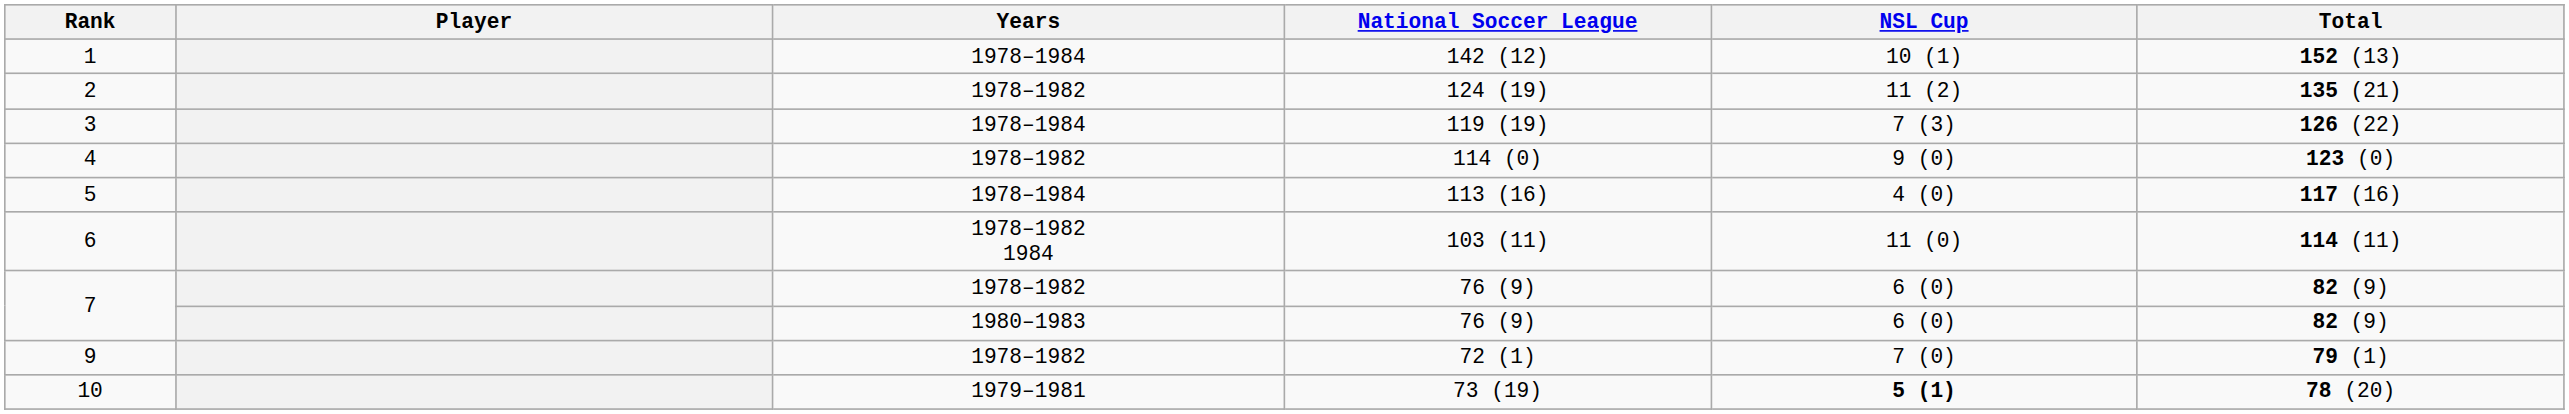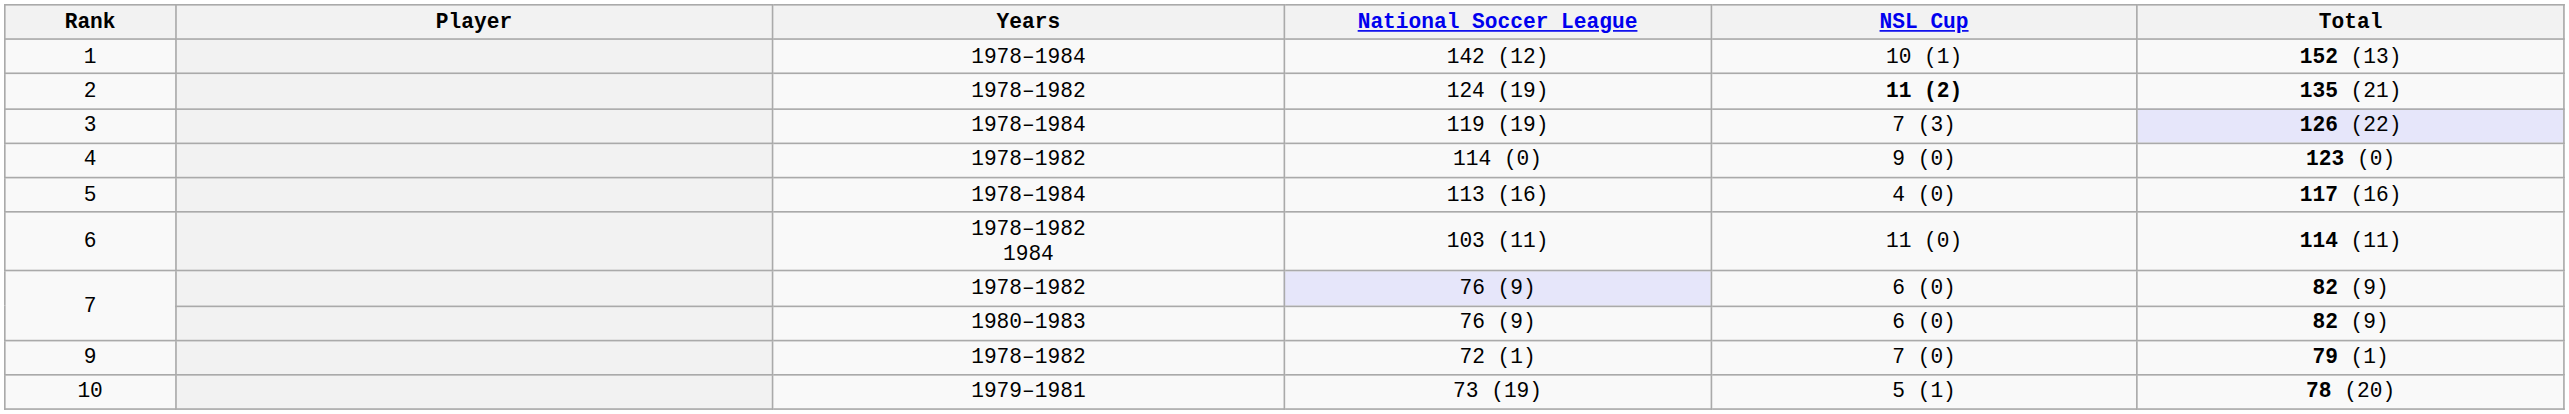 <table class="sortable wikitable plainrowheaders" style="text-align: center;">
 <tr>
 <th scope="col" style="width:4%;">Rank</th>
 <th scope="col" style="width:14%;">Player</th>
 <th scope="col" style="width:12%;">Years</th>
 <th scope="col" style="width:10%;"><a href='#'>National Soccer League</a></th>
 <th scope="col" style="width:10%;"><a href='#'>NSL Cup</a></th>
 <th scope="col" style="width:10%;">Total</th>
 </tr>
 <tr>
 <td>1</td>
 <th scope="row"> </th>
 <td>1978–1984</td>
 <td>142 (12)</td>
 <td>10 (1)</td>
 <td><strong>152</strong> (13)</td>
 </tr>
 <tr>
 <td>2</td>
 <th scope="row"> </th>
 <td>1978–1982</td>
 <td>124 (19)</td>
-<td>11 (2)</td>
+<td><strong>11 (2)</strong></td>
 <td><strong>135</strong> (21)</td>
 </tr>
 <tr>
 <td>3</td>
 <th scope="row"> </th>
 <td>1978–1984</td>
 <td>119 (19)</td>
 <td>7 (3)</td>
-<td><strong>126</strong> (22)</td>
+<td style="background: lavender;"><strong>126</strong> (22)</td>
 </tr>
 <tr>
 <td>4</td>
 <th scope="row"> </th>
 <td>1978–1982</td>
 <td>114 (0)</td>
 <td>9 (0)</td>
 <td><strong>123</strong> (0)</td>
 </tr>
 <tr>
 <td>5</td>
 <th scope="row"> </th>
 <td>1978–1984</td>
 <td>113 (16)</td>
 <td>4 (0)</td>
 <td><strong>117</strong> (16)</td>
 </tr>
 <tr>
 <td>6</td>
 <th scope="row"> </th>
 <td>1978–1982<br>1984</td>
 <td>103 (11)</td>
 <td>11 (0)</td>
 <td><strong>114</strong> (11)</td>
 </tr>
 <tr>
 <td rowspan="2">7</td>
 <th scope="row"> </th>
 <td>1978–1982</td>
-<td>76 (9)</td>
+<td style="background: lavender;">76 (9)</td>
 <td>6 (0)</td>
 <td><strong>82</strong> (9)</td>
 </tr>
 <tr>
 <th scope="row"> </th>
 <td>1980–1983</td>
 <td>76 (9)</td>
 <td>6 (0)</td>
 <td><strong>82</strong> (9)</td>
 </tr>
 <tr>
 <td>9</td>
 <th scope="row"> </th>
 <td>1978–1982</td>
 <td>72 (1)</td>
 <td>7 (0)</td>
 <td><strong>79</strong> (1)</td>
 </tr>
 <tr>
 <td>10</td>
 <th scope="row"> </th>
 <td>1979–1981</td>
 <td>73 (19)</td>
-<td><strong>5 (1)</strong></td>
+<td>5 (1)</td>
 <td><strong>78</strong> (20)</td>
 </tr>
 </table>
